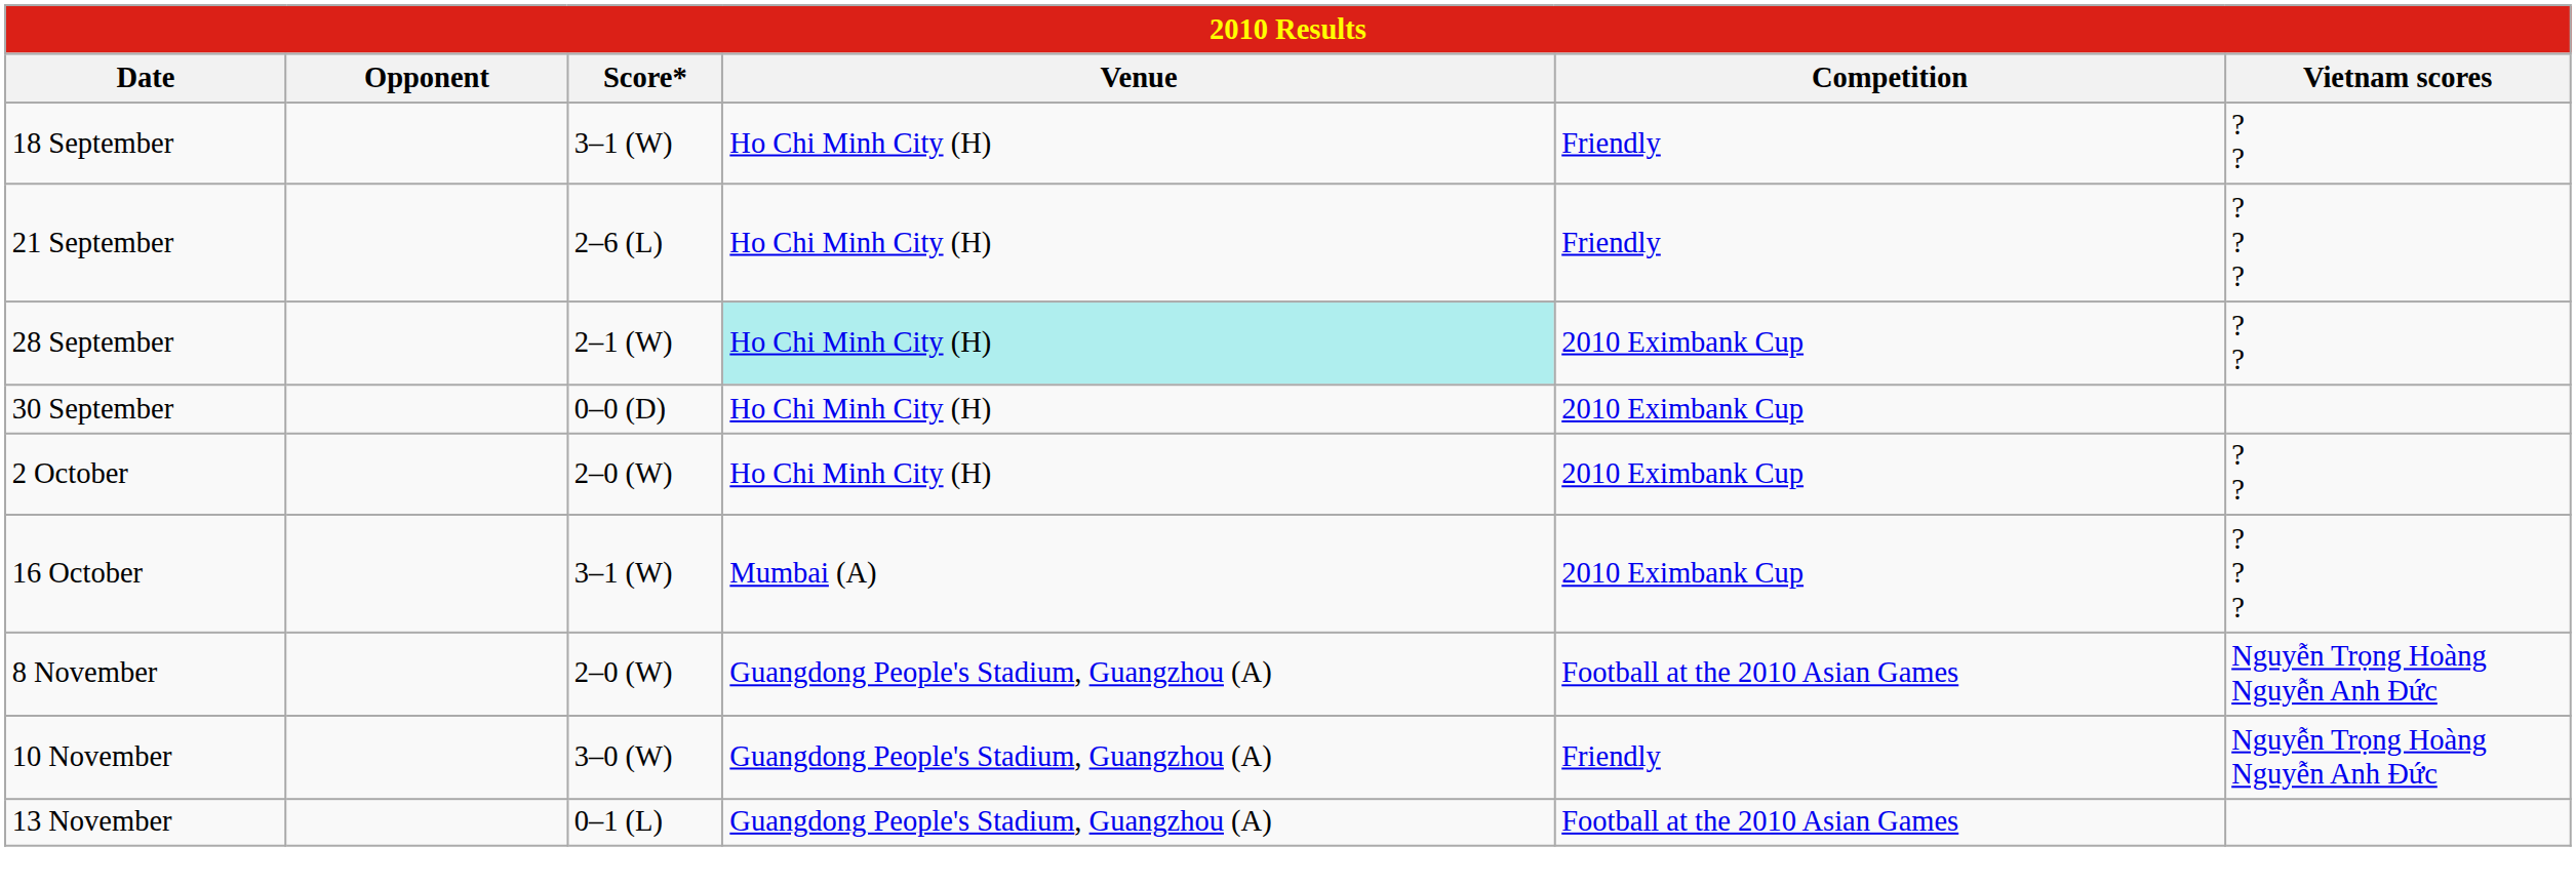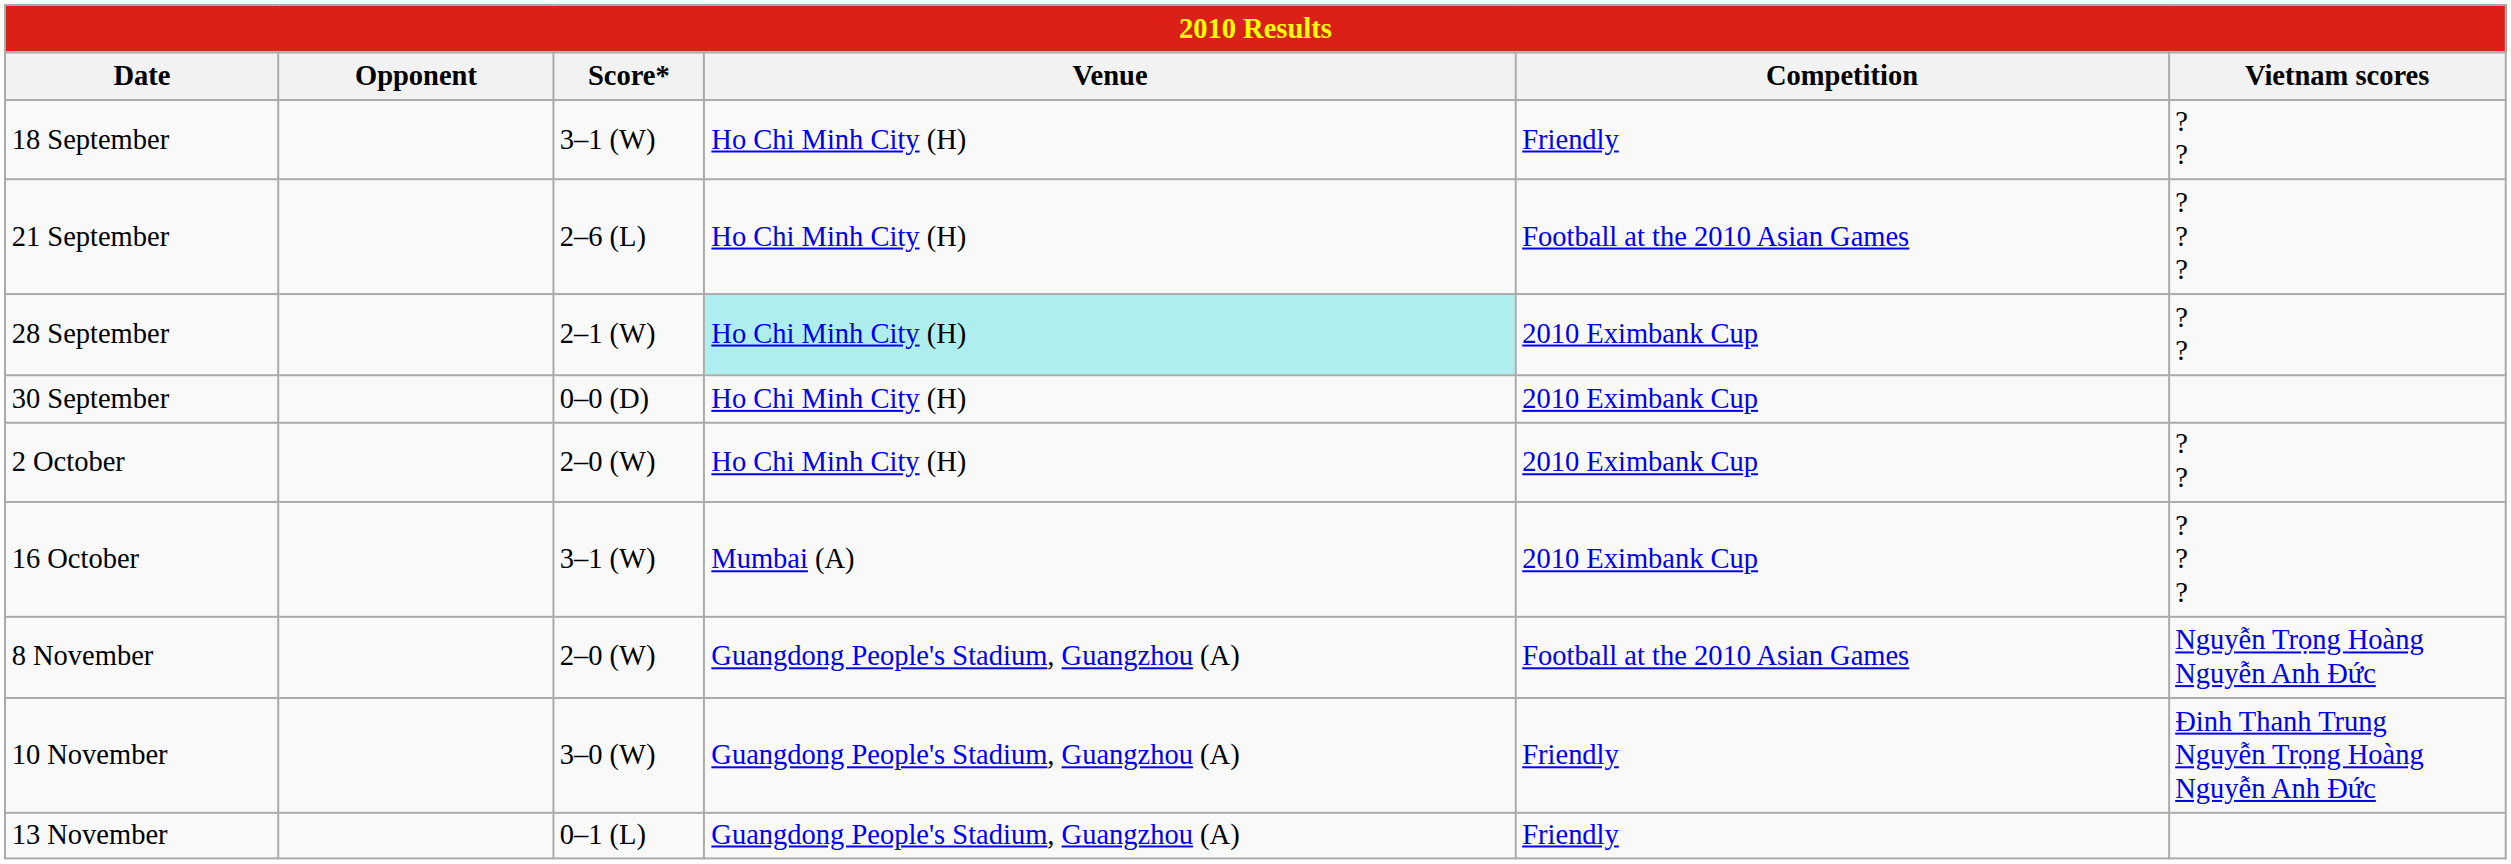 <table class="wikitable" width=100% style="text-align:left;font-size:90%;">
 <tr>
 <th colspan=9 style="background: #DB2017; color: #FFFF00;">2010 Results</th>
 </tr>
 <tr>
 <th width=80>Date</th>
 <th width=80>Opponent</th>
 <th width=20>Score*</th>
 <th width=250>Venue</th>
 <th width=200>Competition</th>
 <th width=100>Vietnam scores</th>
 </tr>
 <tr>
 <td>18 September</td>
 <td></td>
 <td>3–1 (W)</td>
 <td><a href='#'>Ho Chi Minh City</a> (H)</td>
 <td><a href='#'>Friendly</a></td>
 <td>? <br>? </td>
 </tr>
 <tr>
 <td>21 September</td>
 <td></td>
 <td>2–6 (L)</td>
 <td><a href='#'>Ho Chi Minh City</a> (H)</td>
-<td><a href='#'>Friendly</a></td>
+<td><a href='#'>Football at the 2010 Asian Games</a></td>
 <td>? <br>? <br>? </td>
 </tr>
 <tr>
 <td>28 September</td>
 <td></td>
 <td>2–1 (W)</td>
 <td style="background: paleturquoise;"><a href='#'>Ho Chi Minh City</a> (H)</td>
 <td><a href='#'>2010 Eximbank Cup</a></td>
 <td>? <br>? </td>
 </tr>
 <tr>
 <td>30 September</td>
 <td></td>
 <td>0–0 (D)</td>
 <td><a href='#'>Ho Chi Minh City</a> (H)</td>
 <td><a href='#'>2010 Eximbank Cup</a></td>
 <td></td>
 </tr>
 <tr>
 <td>2 October</td>
 <td></td>
 <td>2–0 (W)</td>
 <td><a href='#'>Ho Chi Minh City</a> (H)</td>
 <td><a href='#'>2010 Eximbank Cup</a></td>
 <td>? <br>? </td>
 </tr>
 <tr>
 <td>16 October</td>
 <td></td>
 <td>3–1 (W)</td>
 <td><a href='#'>Mumbai</a> (A)</td>
 <td><a href='#'>2010 Eximbank Cup</a></td>
 <td>? <br>? <br>? </td>
 </tr>
 <tr>
 <td>8 November</td>
 <td></td>
 <td>2–0 (W)</td>
 <td><a href='#'>Guangdong People's Stadium</a>, <a href='#'>Guangzhou</a> (A)</td>
 <td><a href='#'>Football at the 2010 Asian Games</a></td>
 <td><a href='#'>Nguyễn Trọng Hoàng</a> <br><a href='#'>Nguyễn Anh Đức</a> </td>
 </tr>
 <tr>
 <td>10 November</td>
 <td></td>
 <td>3–0 (W)</td>
 <td><a href='#'>Guangdong People's Stadium</a>, <a href='#'>Guangzhou</a> (A)</td>
 <td><a href='#'>Friendly</a></td>
-<td><a href='#'>Nguyễn Trọng Hoàng</a> <br><a href='#'>Nguyễn Anh Đức</a> </td>
+<td><a href='#'>Đinh Thanh Trung</a> <br><a href='#'>Nguyễn Trọng Hoàng</a> <br><a href='#'>Nguyễn Anh Đức</a> </td>
 </tr>
 <tr>
 <td>13 November</td>
 <td></td>
 <td>0–1 (L)</td>
 <td><a href='#'>Guangdong People's Stadium</a>, <a href='#'>Guangzhou</a> (A)</td>
-<td><a href='#'>Football at the 2010 Asian Games</a></td>
+<td><a href='#'>Friendly</a></td>
 <td></td>
 </tr>
 </table>
